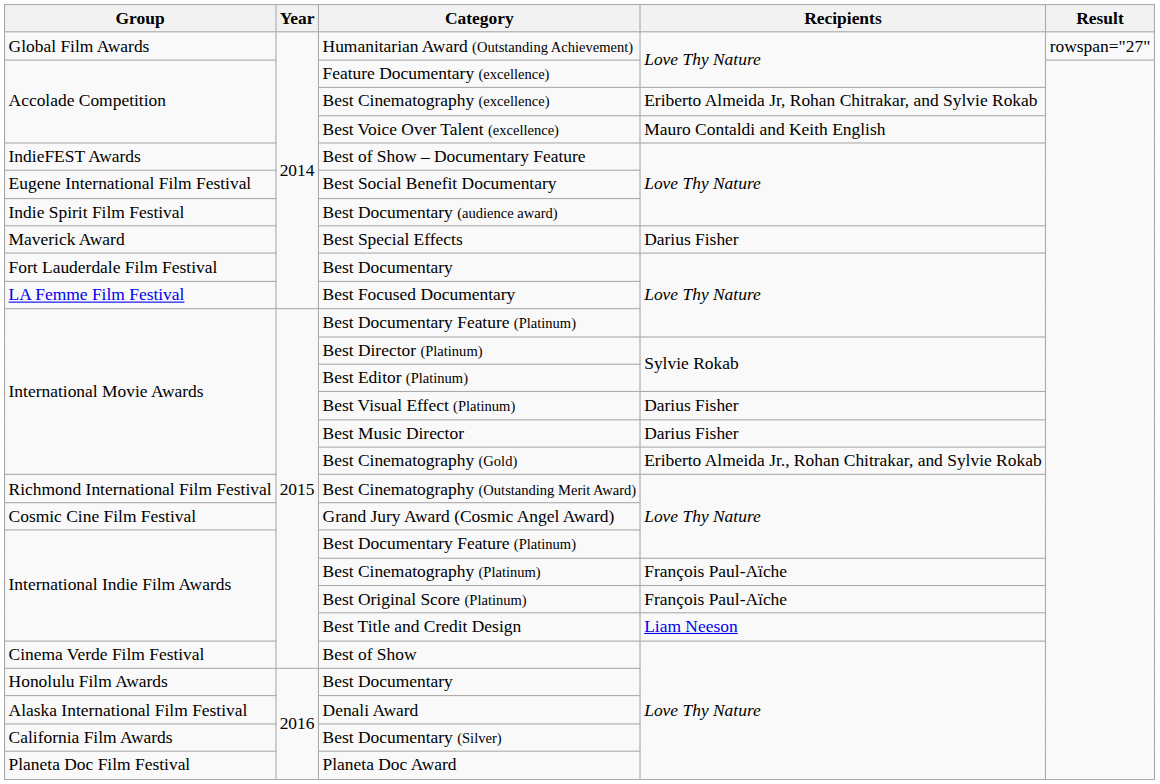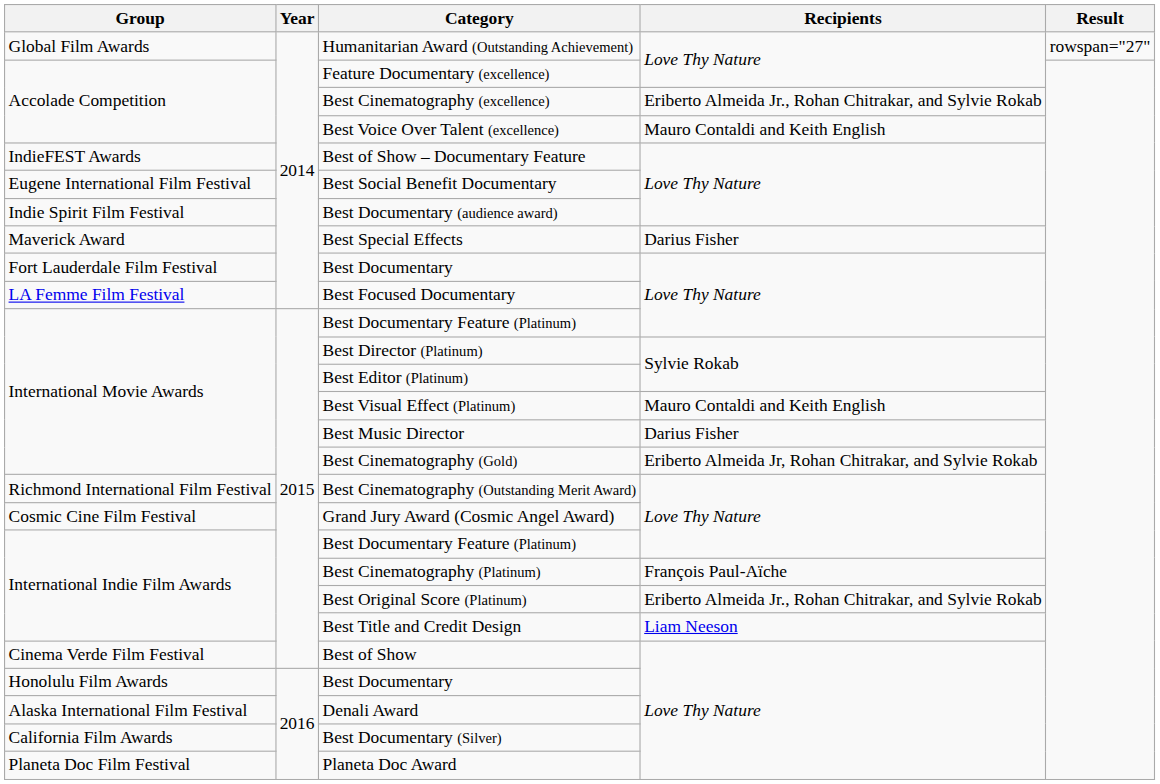 <table class="wikitable">
 <tr>
 <th>Group</th>
 <th>Year</th>
 <th>Category</th>
 <th>Recipients</th>
 <th>Result</th>
 </tr>
 <tr>
 <td rowspan="1">Global Film Awards</td>
 <td rowspan="10">2014</td>
 <td>Humanitarian Award <small>(Outstanding Achievement)</small></td>
 <td rowspan="2"><em>Love Thy Nature</em></td>
 <td>rowspan="27" </td>
 </tr>
 <tr>
 <td rowspan="3">Accolade Competition</td>
 <td>Feature Documentary <small>(excellence)</small></td>
 </tr>
 <tr>
 <td>Best Cinematography <small>(excellence)</small></td>
-<td>Eriberto Almeida Jr, Rohan Chitrakar, and Sylvie Rokab</td>
+<td>Eriberto Almeida Jr., Rohan Chitrakar, and Sylvie Rokab</td>
 </tr>
 <tr>
 <td>Best Voice Over Talent <small>(excellence)</small></td>
 <td>Mauro Contaldi and Keith English</td>
 </tr>
 <tr>
 <td rowspan="1">IndieFEST Awards</td>
 <td>Best of Show – Documentary Feature</td>
 <td rowspan="3"><em>Love Thy Nature</em></td>
 </tr>
 <tr>
 <td rowspan="1">Eugene International Film Festival</td>
 <td>Best Social Benefit Documentary</td>
 </tr>
 <tr>
 <td rowspan="1">Indie Spirit Film Festival</td>
 <td>Best Documentary <small>(audience award)</small></td>
 </tr>
 <tr>
 <td rowspan="1">Maverick Award</td>
 <td>Best Special Effects</td>
 <td>Darius Fisher</td>
 </tr>
 <tr>
 <td rowspan="1">Fort Lauderdale Film Festival</td>
 <td>Best Documentary</td>
 <td rowspan="3"><em>Love Thy Nature</em></td>
 </tr>
 <tr>
 <td rowspan="1"><a href='#'>LA Femme Film Festival</a></td>
 <td>Best Focused Documentary</td>
 </tr>
 <tr>
 <td rowspan="6">International Movie Awards</td>
 <td rowspan="13">2015</td>
 <td>Best Documentary Feature <small>(Platinum)</small></td>
 </tr>
 <tr>
 <td>Best Director <small>(Platinum)</small></td>
 <td rowspan="2">Sylvie Rokab</td>
 </tr>
 <tr>
 <td>Best Editor <small>(Platinum)</small></td>
 </tr>
 <tr>
 <td>Best Visual Effect <small>(Platinum)</small></td>
-<td>Darius Fisher</td>
+<td>Mauro Contaldi and Keith English</td>
 </tr>
 <tr>
 <td>Best Music Director</td>
 <td>Darius Fisher</td>
 </tr>
 <tr>
 <td>Best Cinematography <small>(Gold)</small></td>
-<td>Eriberto Almeida Jr., Rohan Chitrakar, and Sylvie Rokab</td>
+<td>Eriberto Almeida Jr, Rohan Chitrakar, and Sylvie Rokab</td>
 </tr>
 <tr>
 <td rowspan="1">Richmond International Film Festival</td>
 <td>Best Cinematography <small>(Outstanding Merit Award)</small></td>
 <td rowspan="3"><em>Love Thy Nature</em></td>
 </tr>
 <tr>
 <td rowspan="1">Cosmic Cine Film Festival</td>
 <td>Grand Jury Award (Cosmic Angel Award)</td>
 </tr>
 <tr>
 <td rowspan="4">International Indie Film Awards</td>
 <td>Best Documentary Feature <small>(Platinum)</small></td>
 </tr>
 <tr>
 <td>Best Cinematography <small>(Platinum)</small></td>
 <td>François Paul-Aïche</td>
 </tr>
 <tr>
 <td>Best Original Score <small>(Platinum)</small></td>
-<td>François Paul-Aïche</td>
+<td>Eriberto Almeida Jr., Rohan Chitrakar, and Sylvie Rokab</td>
 </tr>
 <tr>
 <td>Best Title and Credit Design</td>
 <td><a href='#'>Liam Neeson</a></td>
 </tr>
 <tr>
 <td rowspan="1">Cinema Verde Film Festival</td>
 <td>Best of Show</td>
 <td rowspan="5"><em>Love Thy Nature</em></td>
 </tr>
 <tr>
 <td rowspan="1">Honolulu Film Awards</td>
 <td rowspan="4">2016</td>
 <td>Best Documentary</td>
 </tr>
 <tr>
 <td rowspan="1">Alaska International Film Festival</td>
 <td>Denali Award</td>
 </tr>
 <tr>
 <td rowspan="1">California Film Awards</td>
 <td>Best Documentary <small>(Silver)</small></td>
 </tr>
 <tr>
 <td rowspan="1">Planeta Doc Film Festival</td>
 <td>Planeta Doc Award</td>
 </tr>
 <tr>
 </tr>
 </table>
